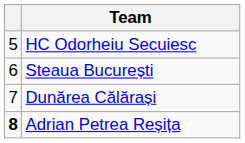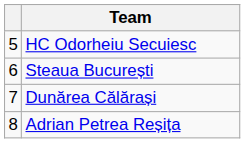 <table class="wikitable sortable" style="text-align:center">
 <tr>
 <th></th>
 <th width="200">Team</th>
 </tr>
 <tr>
 <td>5</td>
 <td align=left><a href='#'>HC Odorheiu Secuiesc</a></td>
 </tr>
 <tr>
 <td>6</td>
 <td align=left><a href='#'>Steaua București</a></td>
 </tr>
 <tr>
 <td>7</td>
 <td align=left><a href='#'>Dunărea Călărași</a></td>
 </tr>
 <tr>
-<td><strong>8</strong></td>
+<td>8</td>
 <td align=left><a href='#'>Adrian Petrea Reșița</a></td>
 </tr>
 </table>
